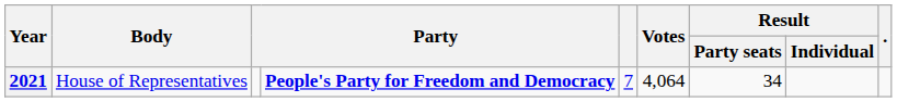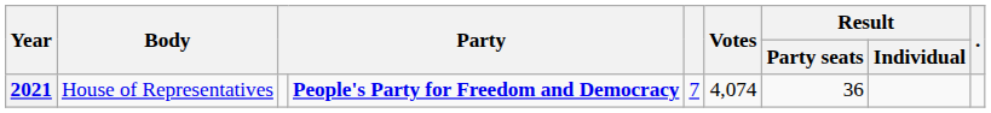 <table class="wikitable plainrowheaders sortable" border=2 cellpadding=4 cellspacing=0 style="border: 1px #aaa solid; font-size: 90%; text-align:center;">
 <tr>
 <th scope="col" rowspan=2>Year</th>
 <th scope="col" rowspan=2>Body</th>
 <th scope="col" colspan=2 rowspan=2>Party</th>
 <th scope="col" rowspan=2></th>
 <th scope="col" rowspan=2>Votes</th>
 <th scope="colgroup" colspan=2>Result</th>
 <th scope="col" rowspan=2 class="unsortable">.</th>
 </tr>
 <tr>
 <th scope="col">Party seats</th>
 <th scope="col">Individual</th>
 </tr>
 <tr>
 <th scope="row"><a href='#'>2021</a></th>
 <td><a href='#'>House of Representatives</a></td>
 <td style="background-color:"></td>
 <td><strong><a href='#'>People's Party for Freedom and Democracy</a></strong></td>
 <td style=text-align:right><a href='#'>7</a></td>
-<td style=text-align:right>4,064</td>
-<td style=text-align:right>34</td>
+<td style=text-align:right>4,074</td>
+<td style=text-align:right>36</td>
 <td></td>
 <td></td>
 </tr>
 </table>
